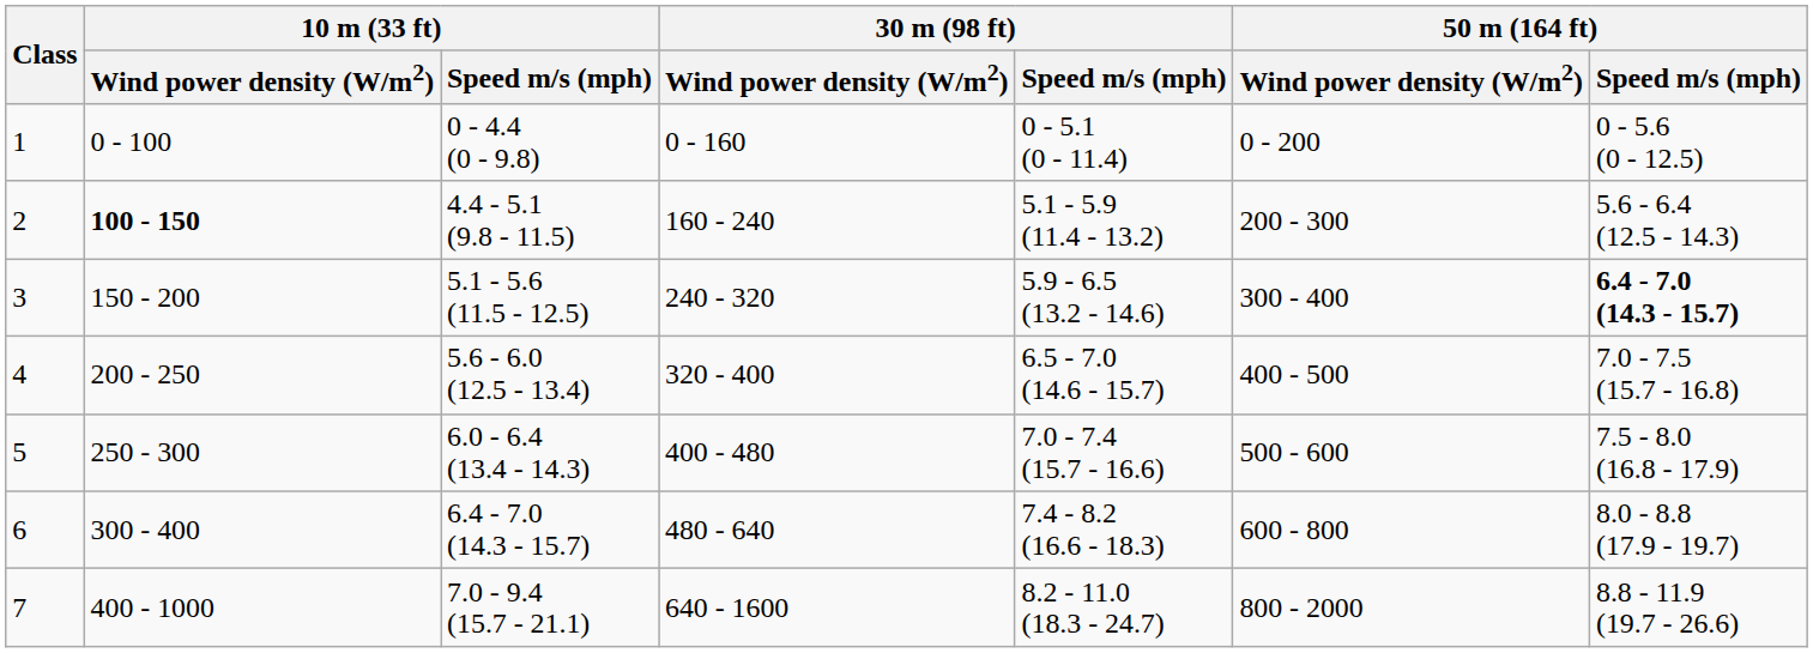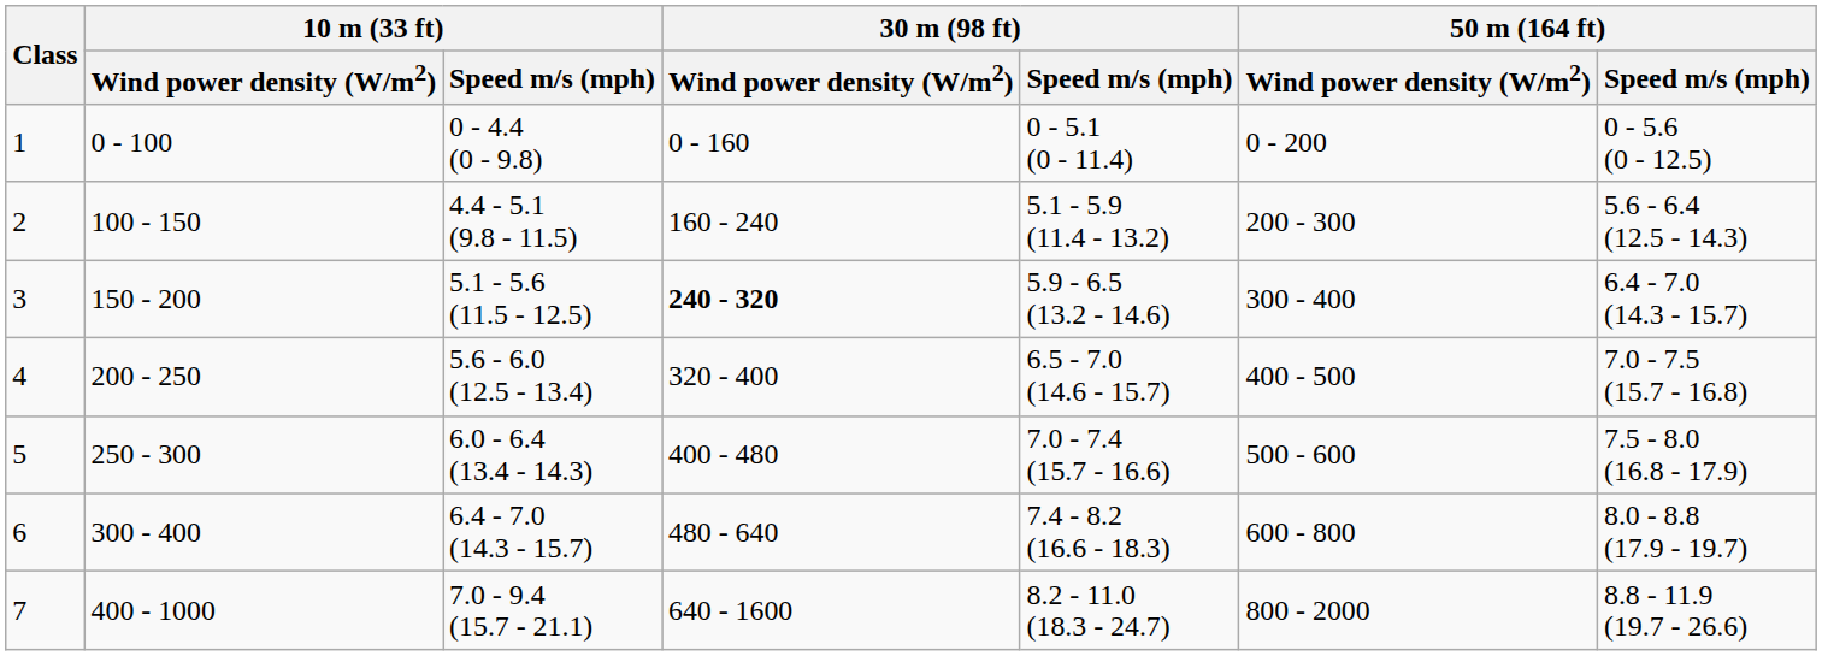 <table class="wikitable" border="1">
 <tr>
 <th rowspan=2>Class</th>
 <th colspan=2>10 m (33 ft)</th>
 <th colspan=2>30 m (98 ft)</th>
 <th colspan=2>50 m (164 ft)</th>
 </tr>
 <tr>
 <th>Wind power density (W/m<sup>2</sup>)</th>
 <th>Speed m/s (mph)</th>
 <th>Wind power density (W/m<sup>2</sup>)</th>
 <th>Speed m/s (mph)</th>
 <th>Wind power density (W/m<sup>2</sup>)</th>
 <th>Speed m/s (mph)</th>
 </tr>
 <tr>
 <td>1</td>
 <td>0 - 100</td>
 <td>0 - 4.4<br>(0 - 9.8)</td>
 <td>0 - 160</td>
 <td>0 - 5.1<br>(0 - 11.4)</td>
 <td>0 - 200</td>
 <td>0 - 5.6<br>(0 - 12.5)</td>
 </tr>
 <tr>
 <td>2</td>
-<td><strong>100 - 150</strong></td>
+<td>100 - 150</td>
 <td>4.4 - 5.1<br>(9.8 - 11.5)</td>
 <td>160 - 240</td>
 <td>5.1 - 5.9<br>(11.4 - 13.2)</td>
 <td>200 - 300</td>
 <td>5.6 - 6.4<br>(12.5 - 14.3)</td>
 </tr>
 <tr>
 <td>3</td>
 <td>150 - 200</td>
 <td>5.1 - 5.6<br>(11.5 - 12.5)</td>
-<td>240 - 320</td>
+<td><strong>240 - 320</strong></td>
 <td>5.9 - 6.5<br>(13.2 - 14.6)</td>
 <td>300 - 400</td>
-<td><strong>6.4 - 7.0<br>(14.3 - 15.7)</strong></td>
+<td>6.4 - 7.0<br>(14.3 - 15.7)</td>
 </tr>
 <tr>
 <td>4</td>
 <td>200 - 250</td>
 <td>5.6 - 6.0<br>(12.5 - 13.4)</td>
 <td>320 - 400</td>
 <td>6.5 - 7.0<br>(14.6 - 15.7)</td>
 <td>400 - 500</td>
 <td>7.0 - 7.5<br>(15.7 - 16.8)</td>
 </tr>
 <tr>
 <td>5</td>
 <td>250 - 300</td>
 <td>6.0 - 6.4<br>(13.4 - 14.3)</td>
 <td>400 - 480</td>
 <td>7.0 - 7.4<br>(15.7 - 16.6)</td>
 <td>500 - 600</td>
 <td>7.5 - 8.0<br>(16.8 - 17.9)</td>
 </tr>
 <tr>
 <td>6</td>
 <td>300 - 400</td>
 <td>6.4 - 7.0<br>(14.3 - 15.7)</td>
 <td>480 - 640</td>
 <td>7.4 - 8.2<br>(16.6 - 18.3)</td>
 <td>600 - 800</td>
 <td>8.0 - 8.8<br>(17.9 - 19.7)</td>
 </tr>
 <tr>
 <td>7</td>
 <td>400 - 1000</td>
 <td>7.0 - 9.4<br>(15.7 - 21.1)</td>
 <td>640 - 1600</td>
 <td>8.2 - 11.0<br>(18.3 - 24.7)</td>
 <td>800 - 2000</td>
 <td>8.8 - 11.9<br>(19.7 - 26.6)</td>
 </tr>
 </table>
